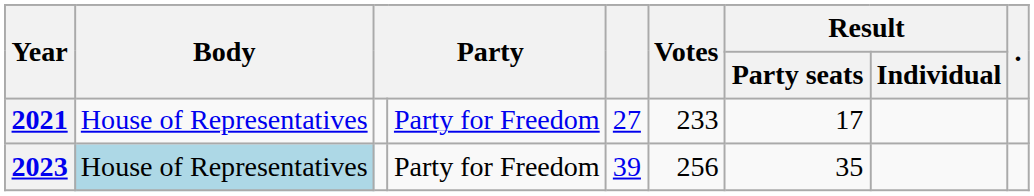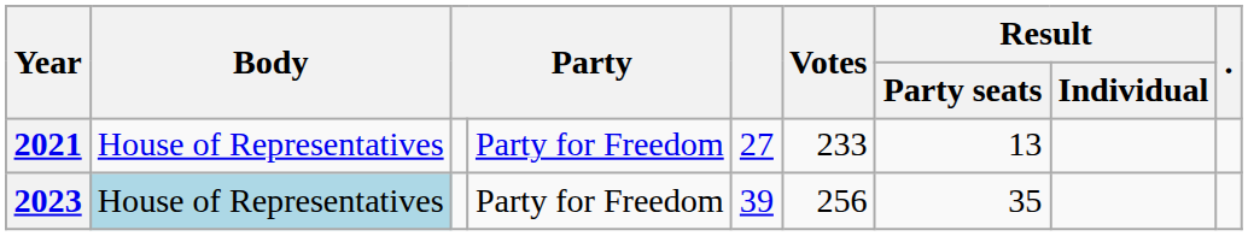 <table class="wikitable plainrowheaders sortable" border=2 cellpadding=4 cellspacing=0 style="border: 1px #aaa solid; font-size: 90%; text-align:center;">
 <tr>
 <th scope="col" rowspan=2>Year</th>
 <th scope="col" rowspan=2>Body</th>
 <th scope="col" colspan=2 rowspan=2>Party</th>
 <th scope="col" rowspan=2></th>
 <th scope="col" rowspan=2>Votes</th>
 <th scope="colgroup" colspan=2>Result</th>
 <th scope="col" rowspan=2 class="unsortable">.</th>
 </tr>
 <tr>
 <th scope="col">Party seats</th>
 <th scope="col">Individual</th>
 </tr>
 <tr>
 <th scope="row"><a href='#'>2021</a></th>
 <td><a href='#'>House of Representatives</a></td>
 <td style="background-color:"></td>
 <td><a href='#'>Party for Freedom</a></td>
 <td style=text-align:right><a href='#'>27</a></td>
 <td style=text-align:right>233</td>
-<td style=text-align:right>17</td>
+<td style=text-align:right>13</td>
 <td></td>
 <td></td>
 </tr>
 <tr>
 <th scope="row"><a href='#'>2023</a></th>
 <td style="background: lightblue;">House of Representatives</td>
 <td style="background-color:"></td>
 <td>Party for Freedom</td>
 <td style=text-align:right><a href='#'>39</a></td>
 <td style=text-align:right>256</td>
 <td style=text-align:right>35</td>
 <td></td>
 <td></td>
 </tr>
 </table>
